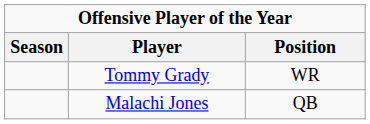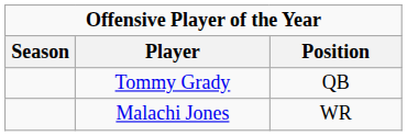 <table class="wikitable sortable" style="text-align:center">
 <tr>
 <td colspan="4"><strong>Offensive Player of the Year</strong></td>
 </tr>
 <tr>
 <th style="width:50px; ">Season</th>
 <th style="width:150px; ">Player</th>
 <th style="width:100px; ">Position</th>
 </tr>
 <tr>
 <td></td>
 <td><a href='#'>Tommy Grady</a></td>
-<td>WR</td>
+<td>QB</td>
 </tr>
 <tr>
 <td></td>
 <td><a href='#'>Malachi Jones</a></td>
-<td>QB</td>
+<td>WR</td>
 </tr>
 </table>
